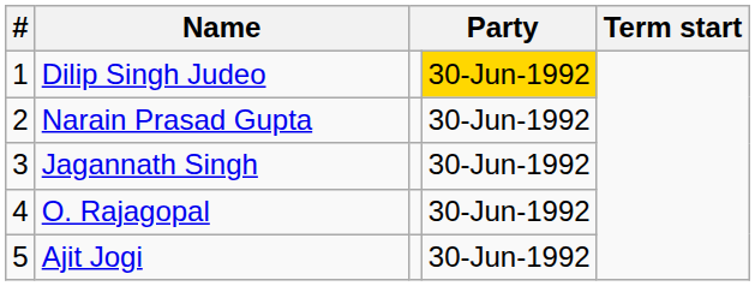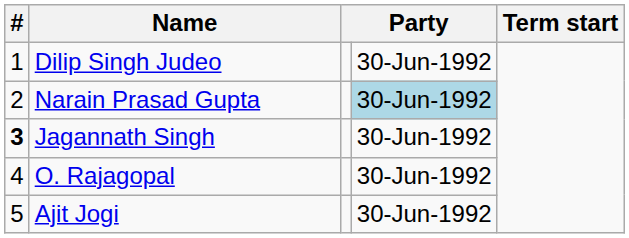 <table class="wikitable">
 <tr>
 <th>#</th>
 <th style="width:200px">Name</th>
 <th colspan="2">Party</th>
 <th>Term start</th>
 </tr>
 <tr>
 <td>1</td>
 <td><a href='#'>Dilip Singh Judeo</a></td>
 <td></td>
-<td style="background: gold;">30-Jun-1992</td>
+<td>30-Jun-1992</td>
 </tr>
 <tr>
 <td>2</td>
 <td><a href='#'>Narain Prasad Gupta</a></td>
 <td></td>
-<td>30-Jun-1992</td>
+<td style="background: lightblue;">30-Jun-1992</td>
 </tr>
 <tr>
-<td>3</td>
+<td><strong>3</strong></td>
 <td><a href='#'>Jagannath Singh</a></td>
 <td></td>
 <td>30-Jun-1992</td>
 </tr>
 <tr>
 <td>4</td>
 <td><a href='#'>O. Rajagopal</a></td>
 <td></td>
 <td>30-Jun-1992</td>
 </tr>
 <tr>
 <td>5</td>
 <td><a href='#'>Ajit Jogi</a></td>
 <td></td>
 <td>30-Jun-1992</td>
 </tr>
 </table>
